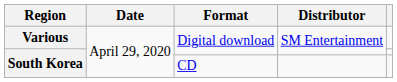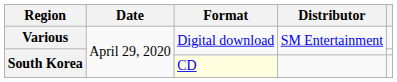 <table class="wikitable plainrowheaders">
 <tr>
 <th>Region</th>
 <th>Date</th>
 <th>Format</th>
 <th>Distributor</th>
 <th></th>
 </tr>
 <tr>
 <th scope="row">Various</th>
 <td rowspan="3">April 29, 2020</td>
 <td rowspan="2"><a href='#'>Digital download</a></td>
 <td rowspan="2"><a href='#'>SM Entertainment</a></td>
 <td style="text-align:center;"></td>
 </tr>
 <tr>
 <th scope="row" rowspan="2">South Korea</th>
 <td style="text-align:center;"></td>
 </tr>
 <tr>
-<td><a href='#'>CD</a></td>
+<td style="background: lightyellow;"><a href='#'>CD</a></td>
 <td></td>
 <td style="text-align:center;"></td>
 </tr>
 </table>
